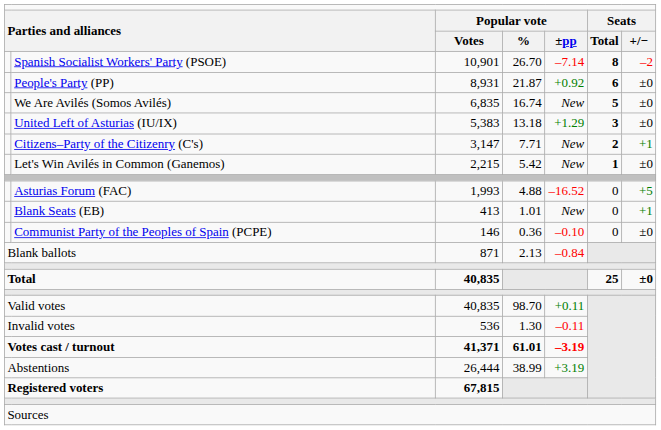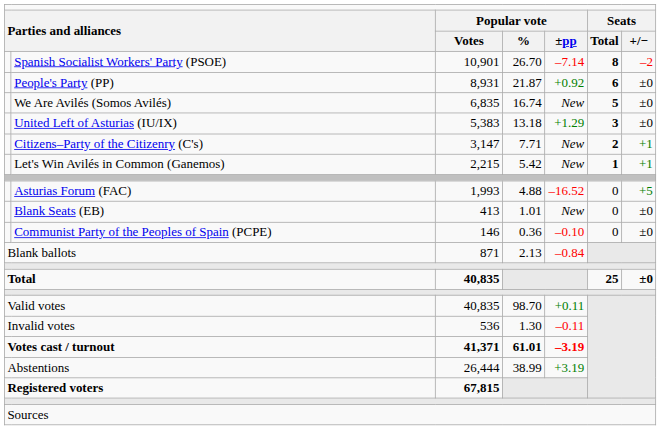 <table class="wikitable" style="text-align:right;">
 <tr>
 <td colspan="7"></td>
 </tr>
 <tr>
 <th style="text-align:left;" rowspan="2" colspan="2" width="525">Parties and alliances</th>
 <th colspan="3">Popular vote</th>
 <th colspan="2">Seats</th>
 </tr>
 <tr>
 <th width="75">Votes</th>
 <th width="45">%</th>
 <th width="45">±<a href='#'>pp</a></th>
 <th width="35">Total</th>
 <th width="35">+/−</th>
 </tr>
 <tr>
 <td width="1" style="color:inherit;background:"></td>
 <td align="left"><a href='#'>Spanish Socialist Workers' Party</a> (PSOE)</td>
 <td>10,901</td>
 <td>26.70</td>
 <td style="color:red;">–7.14</td>
 <td><strong>8</strong></td>
 <td style="color:red;">–2</td>
 </tr>
 <tr>
 <td style="color:inherit;background:"></td>
 <td align="left"><a href='#'>People's Party</a> (PP)</td>
 <td>8,931</td>
 <td>21.87</td>
 <td style="color:green;">+0.92</td>
 <td><strong>6</strong></td>
 <td>±0</td>
 </tr>
 <tr>
 <td style="color:inherit;background:"></td>
 <td align="left">We Are Avilés (Somos Avilés)</td>
 <td>6,835</td>
 <td>16.74</td>
 <td><em>New</em></td>
 <td><strong>5</strong></td>
 <td>±0</td>
 </tr>
 <tr>
 <td style="color:inherit;background:"></td>
 <td align="left"><a href='#'>United Left of Asturias</a> (IU/IX)</td>
 <td>5,383</td>
 <td>13.18</td>
 <td style="color:green;">+1.29</td>
 <td><strong>3</strong></td>
 <td>±0</td>
 </tr>
 <tr>
 <td style="color:inherit;background:"></td>
 <td align="left"><a href='#'>Citizens–Party of the Citizenry</a> (C's)</td>
 <td>3,147</td>
 <td>7.71</td>
 <td><em>New</em></td>
 <td><strong>2</strong></td>
 <td style="color:green;">+1</td>
 </tr>
 <tr>
 <td style="color:inherit;background:"></td>
 <td align="left">Let's Win Avilés in Common (Ganemos)</td>
 <td>2,215</td>
 <td>5.42</td>
 <td><em>New</em></td>
 <td><strong>1</strong></td>
-<td>±0</td>
+<td style="color:green;">+1</td>
 </tr>
 <tr>
 <td colspan="7" bgcolor="#C0C0C0"></td>
 </tr>
 <tr>
 <td style="color:inherit;background:"></td>
 <td align="left"><a href='#'>Asturias Forum</a> (FAC)</td>
 <td>1,993</td>
 <td>4.88</td>
 <td style="color:red;">–16.52</td>
 <td>0</td>
 <td style="color:green;">+5</td>
 </tr>
 <tr>
 <td style="color:inherit;background:"></td>
 <td align="left"><a href='#'>Blank Seats</a> (EB)</td>
 <td>413</td>
 <td>1.01</td>
 <td><em>New</em></td>
 <td>0</td>
-<td style="color:green;">+1</td>
+<td>±0</td>
 </tr>
 <tr>
 <td style="color:inherit;background:"></td>
 <td align="left"><a href='#'>Communist Party of the Peoples of Spain</a> (PCPE)</td>
 <td>146</td>
 <td>0.36</td>
 <td style="color:red;">–0.10</td>
 <td>0</td>
 <td>±0</td>
 </tr>
 <tr>
 <td align="left" colspan="2">Blank ballots</td>
 <td>871</td>
 <td>2.13</td>
 <td style="color:red;">–0.84</td>
 <td bgcolor="#E9E9E9" colspan="2"></td>
 </tr>
 <tr>
 <td colspan="7" bgcolor="#E9E9E9"></td>
 </tr>
 <tr style="font-weight:bold;">
 <td align="left" colspan="2">Total</td>
 <td>40,835</td>
 <td bgcolor="#E9E9E9" colspan="2"></td>
 <td>25</td>
 <td>±0</td>
 </tr>
 <tr>
 <td colspan="7" bgcolor="#E9E9E9"></td>
 </tr>
 <tr>
 <td align="left" colspan="2">Valid votes</td>
 <td>40,835</td>
 <td>98.70</td>
 <td style="color:green;">+0.11</td>
 <td bgcolor="#E9E9E9" colspan="2" rowspan="5"></td>
 </tr>
 <tr>
 <td align="left" colspan="2">Invalid votes</td>
 <td>536</td>
 <td>1.30</td>
 <td style="color:red;">–0.11</td>
 </tr>
 <tr style="font-weight:bold;">
 <td align="left" colspan="2">Votes cast / turnout</td>
 <td>41,371</td>
 <td>61.01</td>
 <td style="color:red;">–3.19</td>
 </tr>
 <tr>
 <td align="left" colspan="2">Abstentions</td>
 <td>26,444</td>
 <td>38.99</td>
 <td style="color:green;">+3.19</td>
 </tr>
 <tr style="font-weight:bold;">
 <td align="left" colspan="2">Registered voters</td>
 <td>67,815</td>
 <td bgcolor="#E9E9E9" colspan="2"></td>
 </tr>
 <tr>
 <td colspan="7" bgcolor="#E9E9E9"></td>
 </tr>
 <tr>
 <td align="left" colspan="7">Sources</td>
 </tr>
 </table>
